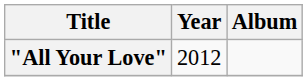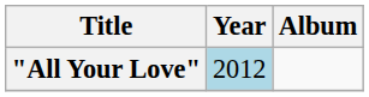 <table class="wikitable">
 <tr>
 <th>Title</th>
 <th>Year</th>
 <th>Album</th>
 </tr>
 <tr>
 <th scope="row">"All Your Love"</th>
-<td>2012</td>
+<td style="background: lightblue;">2012</td>
 <td></td>
 </tr>
 <tr>
 </tr>
 </table>
